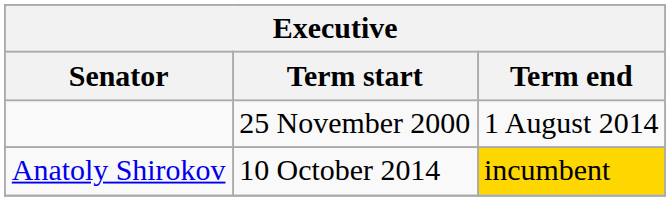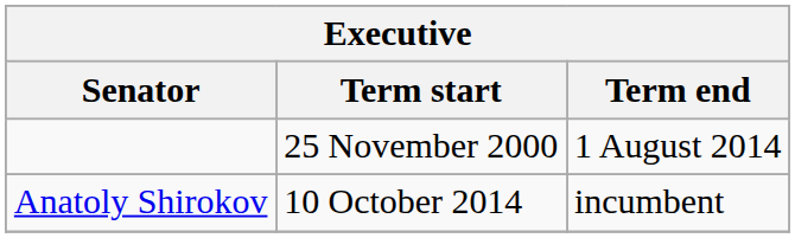 <table class="wikitable sortable">
 <tr>
 <th colspan=3>Executive</th>
 </tr>
 <tr>
 <th>Senator</th>
 <th>Term start</th>
 <th>Term end</th>
 </tr>
 <tr>
 <td></td>
 <td>25 November 2000</td>
 <td>1 August 2014</td>
 </tr>
 <tr>
 <td><a href='#'>Anatoly Shirokov</a></td>
 <td>10 October 2014</td>
-<td style="background: gold;">incumbent</td>
+<td>incumbent</td>
 </tr>
 <tr>
 </tr>
 </table>
